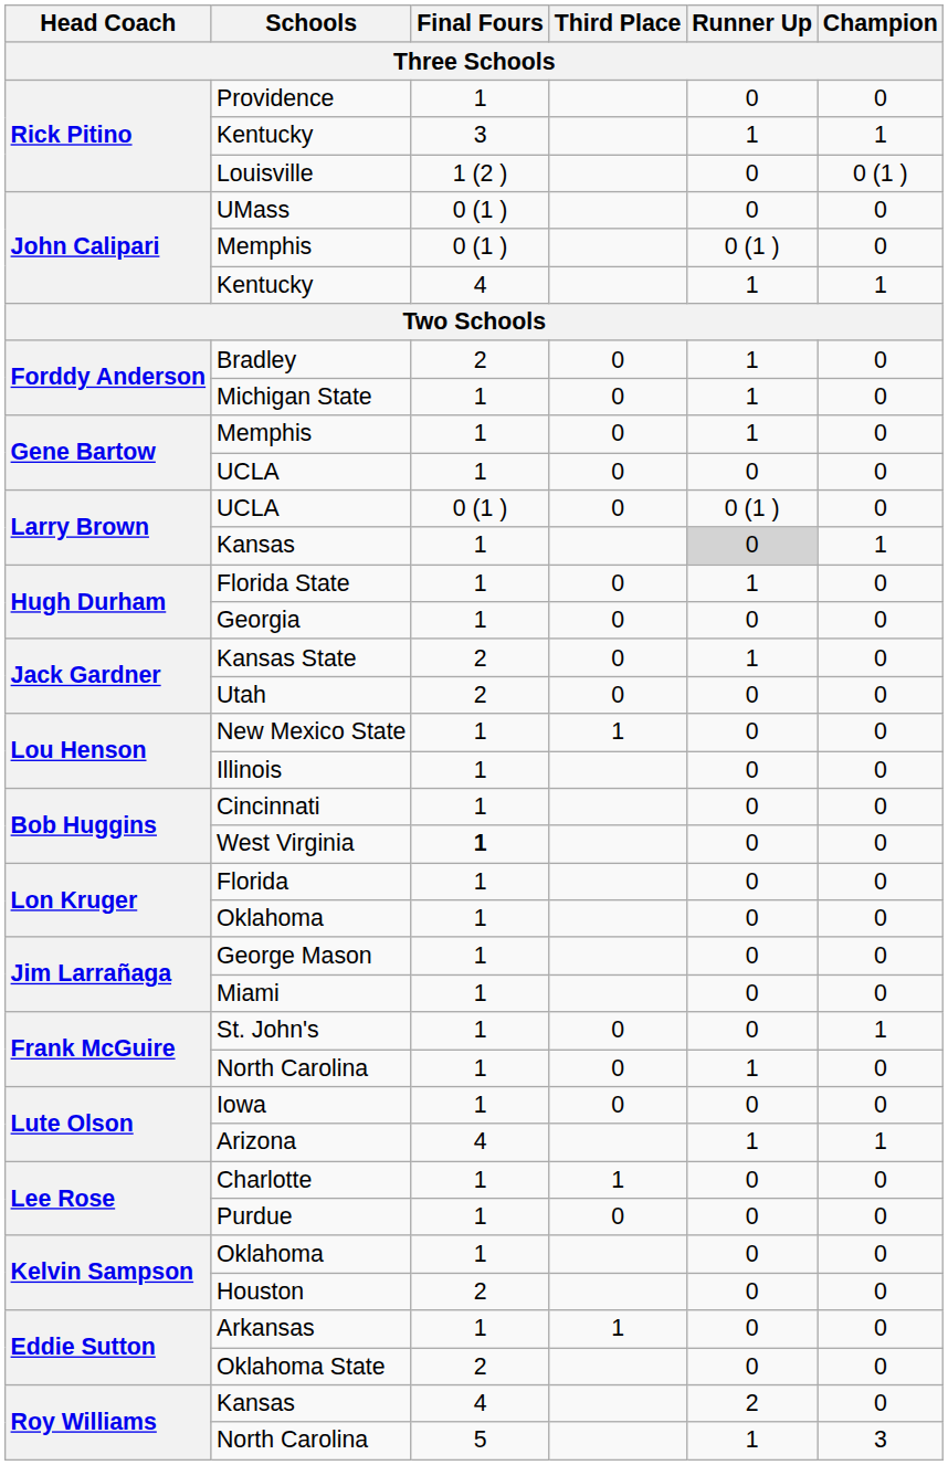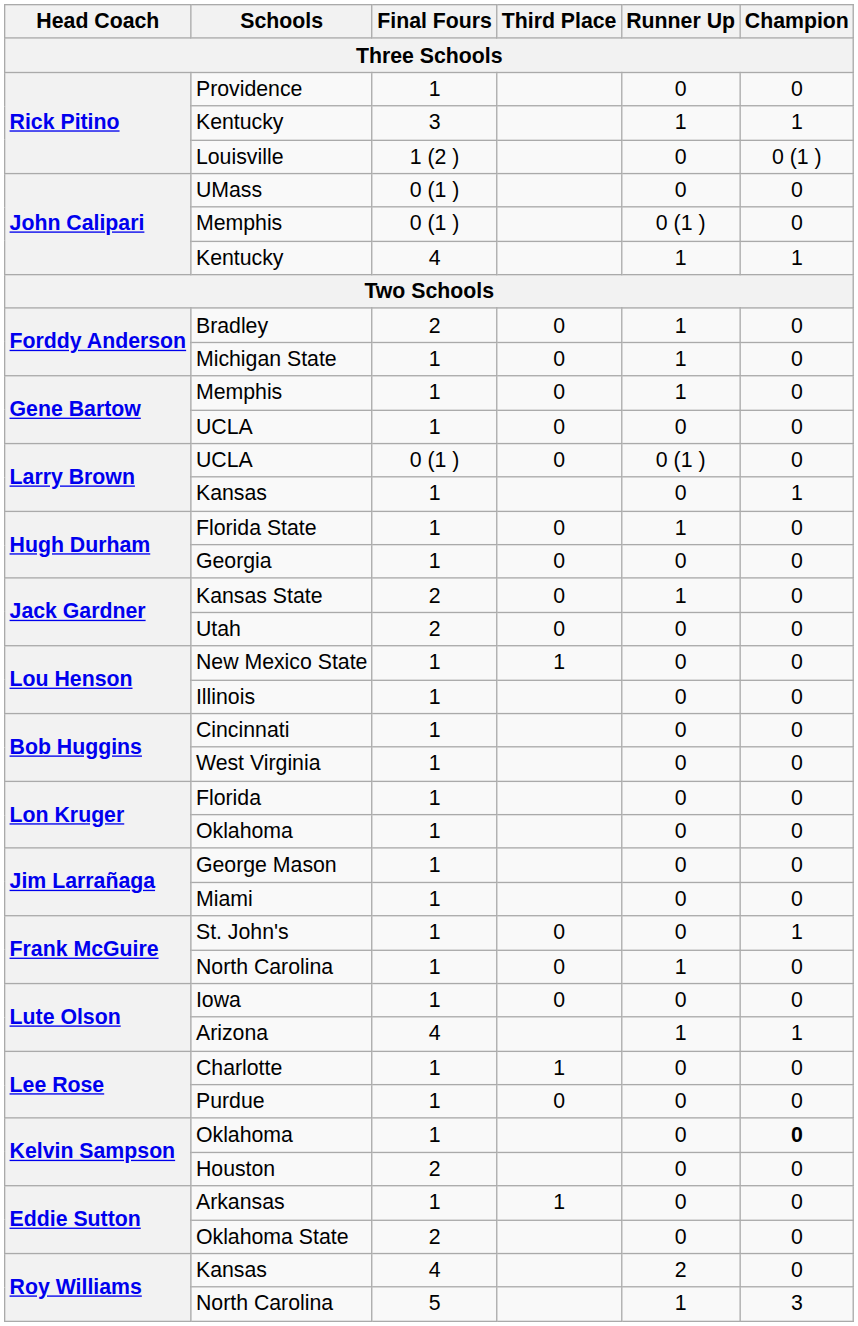 <table class="wikitable" style="text-align:center">
 <tr>
 <th>Head Coach</th>
 <th>Schools</th>
 <th>Final Fours</th>
 <th>Third Place</th>
 <th>Runner Up</th>
 <th>Champion</th>
 </tr>
 <tr>
 <th colspan="6">Three Schools</th>
 </tr>
 <tr>
 <th rowspan="3" style="text-align:left"><strong><a href='#'>Rick Pitino</a></strong></th>
 <td style="text-align:left">Providence</td>
 <td>1</td>
 <td></td>
 <td>0</td>
 <td>0</td>
 </tr>
 <tr>
 <td style="text-align:left">Kentucky</td>
 <td>3</td>
 <td></td>
 <td>1</td>
 <td>1</td>
 </tr>
 <tr>
 <td style="text-align:left">Louisville</td>
 <td>1 (2 )</td>
 <td></td>
 <td>0</td>
 <td>0 (1 )</td>
 </tr>
 <tr>
 <th rowspan="3" style="text-align:left"><strong><a href='#'>John Calipari</a></strong></th>
 <td style="text-align:left">UMass</td>
 <td>0 (1 )</td>
 <td></td>
 <td>0</td>
 <td>0</td>
 </tr>
 <tr>
 <td style="text-align:left">Memphis</td>
 <td>0 (1 )</td>
 <td></td>
 <td>0 (1 )</td>
 <td>0</td>
 </tr>
 <tr>
 <td style="text-align:left">Kentucky</td>
 <td>4</td>
 <td></td>
 <td>1</td>
 <td>1</td>
 </tr>
 <tr>
 <th colspan="6">Two Schools</th>
 </tr>
 <tr>
 <th rowspan="2" style="text-align:left"><a href='#'>Forddy Anderson</a></th>
 <td style="text-align:left">Bradley</td>
 <td>2</td>
 <td>0</td>
 <td>1</td>
 <td>0</td>
 </tr>
 <tr>
 <td style="text-align:left">Michigan State</td>
 <td>1</td>
 <td>0</td>
 <td>1</td>
 <td>0</td>
 </tr>
 <tr>
 <th rowspan="2" style="text-align:left"><a href='#'>Gene Bartow</a></th>
 <td style="text-align:left">Memphis<em></em></td>
 <td>1</td>
 <td>0</td>
 <td>1</td>
 <td>0</td>
 </tr>
 <tr>
 <td style="text-align:left">UCLA</td>
 <td>1</td>
 <td>0</td>
 <td>0</td>
 <td>0</td>
 </tr>
 <tr>
 <th rowspan="2" style="text-align:left"><a href='#'>Larry Brown</a></th>
 <td style="text-align:left">UCLA</td>
 <td>0 (1 )</td>
 <td>0</td>
 <td>0 (1 )</td>
 <td>0</td>
 </tr>
 <tr>
 <td style="text-align:left">Kansas</td>
 <td>1</td>
 <td></td>
-<td style="background: lightgrey;">0</td>
+<td>0</td>
 <td>1</td>
 </tr>
 <tr>
 <th rowspan="2" style="text-align:left"><a href='#'>Hugh Durham</a></th>
 <td style="text-align:left">Florida State</td>
 <td>1</td>
 <td>0</td>
 <td>1</td>
 <td>0</td>
 </tr>
 <tr>
 <td style="text-align:left">Georgia</td>
 <td>1</td>
 <td>0</td>
 <td>0</td>
 <td>0</td>
 </tr>
 <tr>
 <th rowspan="2" style="text-align:left"><a href='#'>Jack Gardner</a></th>
 <td style="text-align:left">Kansas State</td>
 <td>2</td>
 <td>0</td>
 <td>1</td>
 <td>0</td>
 </tr>
 <tr>
 <td style="text-align:left">Utah</td>
 <td>2</td>
 <td>0</td>
 <td>0</td>
 <td>0</td>
 </tr>
 <tr>
 <th rowspan="2" style="text-align:left"><a href='#'>Lou Henson</a></th>
 <td style="text-align:left">New Mexico State</td>
 <td>1</td>
 <td>1</td>
 <td>0</td>
 <td>0</td>
 </tr>
 <tr>
 <td style="text-align:left">Illinois</td>
 <td>1</td>
 <td></td>
 <td>0</td>
 <td>0</td>
 </tr>
 <tr>
 <th rowspan="2" style="text-align:left"><strong><a href='#'>Bob Huggins</a></strong></th>
 <td style="text-align:left">Cincinnati</td>
 <td>1</td>
 <td></td>
 <td>0</td>
 <td>0</td>
 </tr>
 <tr>
 <td style="text-align:left">West Virginia</td>
-<td><strong>1</strong></td>
+<td>1</td>
 <td></td>
 <td>0</td>
 <td>0</td>
 </tr>
 <tr>
 <th rowspan="2" style="text-align:left"><a href='#'>Lon Kruger</a></th>
 <td style="text-align:left">Florida</td>
 <td>1</td>
 <td></td>
 <td>0</td>
 <td>0</td>
 </tr>
 <tr>
 <td style="text-align:left">Oklahoma</td>
 <td>1</td>
 <td></td>
 <td>0</td>
 <td>0</td>
 </tr>
 <tr>
 <th rowspan="2" style="text-align:left"><a href='#'>Jim Larrañaga</a></th>
 <td style="text-align:left">George Mason</td>
 <td>1</td>
 <td></td>
 <td>0</td>
 <td>0</td>
 </tr>
 <tr>
 <td style="text-align:left">Miami</td>
 <td>1</td>
 <td></td>
 <td>0</td>
 <td>0</td>
 </tr>
 <tr>
 <th rowspan="2" style="text-align:left"><a href='#'>Frank McGuire</a></th>
 <td style="text-align:left">St. John's</td>
 <td>1</td>
 <td>0</td>
 <td>0</td>
 <td>1</td>
 </tr>
 <tr>
 <td style="text-align:left">North Carolina</td>
 <td>1</td>
 <td>0</td>
 <td>1</td>
 <td>0</td>
 </tr>
 <tr>
 <th rowspan="2" style="text-align:left"><a href='#'>Lute Olson</a></th>
 <td style="text-align:left">Iowa</td>
 <td>1</td>
 <td>0</td>
 <td>0</td>
 <td>0</td>
 </tr>
 <tr>
 <td style="text-align:left">Arizona</td>
 <td>4</td>
 <td></td>
 <td>1</td>
 <td>1</td>
 </tr>
 <tr>
 <th rowspan="2" style="text-align:left"><a href='#'>Lee Rose</a></th>
 <td style="text-align:left">Charlotte</td>
 <td>1</td>
 <td>1</td>
 <td>0</td>
 <td>0</td>
 </tr>
 <tr>
 <td style="text-align:left">Purdue</td>
 <td>1</td>
 <td>0</td>
 <td>0</td>
 <td>0</td>
 </tr>
 <tr>
 <th rowspan="2" style="text-align:left"><strong><a href='#'>Kelvin Sampson</a></strong></th>
 <td style="text-align:left">Oklahoma</td>
 <td>1</td>
 <td></td>
 <td>0</td>
-<td>0</td>
+<td><strong>0</strong></td>
 </tr>
 <tr>
 <td style="text-align:left">Houston</td>
 <td>2</td>
 <td></td>
 <td>0</td>
 <td>0</td>
 </tr>
 <tr>
 <th rowspan="2" style="text-align:left"><a href='#'>Eddie Sutton</a></th>
 <td style="text-align:left">Arkansas</td>
 <td>1</td>
 <td>1</td>
 <td>0</td>
 <td>0</td>
 </tr>
 <tr>
 <td style="text-align:left">Oklahoma State</td>
 <td>2</td>
 <td></td>
 <td>0</td>
 <td>0</td>
 </tr>
 <tr>
 <th rowspan="2" style="text-align:left"><a href='#'>Roy Williams</a></th>
 <td style="text-align:left">Kansas</td>
 <td>4</td>
 <td></td>
 <td>2</td>
 <td>0</td>
 </tr>
 <tr>
 <td style="text-align:left">North Carolina</td>
 <td>5</td>
 <td></td>
 <td>1</td>
 <td>3</td>
 </tr>
 </table>
